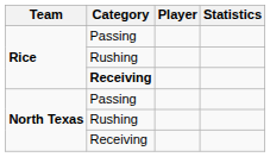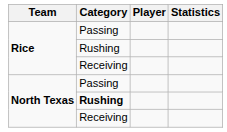 <table class="wikitable" style="float: right;">
 <tr>
 <th>Team</th>
 <th>Category</th>
 <th>Player</th>
 <th>Statistics</th>
 </tr>
 <tr>
 <td rowspan=3><strong>Rice</strong></td>
 <td>Passing</td>
 <td></td>
 <td></td>
 </tr>
 <tr>
 <td>Rushing</td>
 <td></td>
 <td></td>
 </tr>
 <tr>
-<td><strong>Receiving</strong></td>
+<td>Receiving</td>
 <td></td>
 <td></td>
 </tr>
 <tr>
 <td rowspan=3><strong>North Texas</strong></td>
 <td>Passing</td>
 <td></td>
 <td></td>
 </tr>
 <tr>
-<td>Rushing</td>
+<td><strong>Rushing</strong></td>
 <td></td>
 <td></td>
 </tr>
 <tr>
 <td>Receiving</td>
 <td></td>
 <td></td>
 </tr>
 </table>
